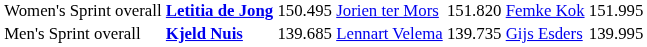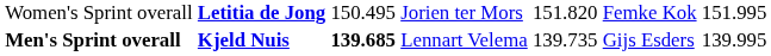 <table>
 <tr>
 <td>Women's Sprint overall</td>
 <td><strong><a href='#'>Letitia de Jong</a></strong></td>
 <td>150.495</td>
 <td><a href='#'>Jorien ter Mors</a></td>
 <td>151.820</td>
 <td><a href='#'>Femke Kok</a></td>
 <td>151.995</td>
 </tr>
 <tr>
-<td>Men's Sprint overall</td>
+<td><strong>Men's Sprint overall</strong></td>
 <td><strong><a href='#'>Kjeld Nuis</a></strong></td>
-<td>139.685</td>
+<td><strong>139.685</strong></td>
 <td><a href='#'>Lennart Velema</a></td>
 <td>139.735</td>
 <td><a href='#'>Gijs Esders</a></td>
 <td>139.995</td>
 </tr>
 </table>
